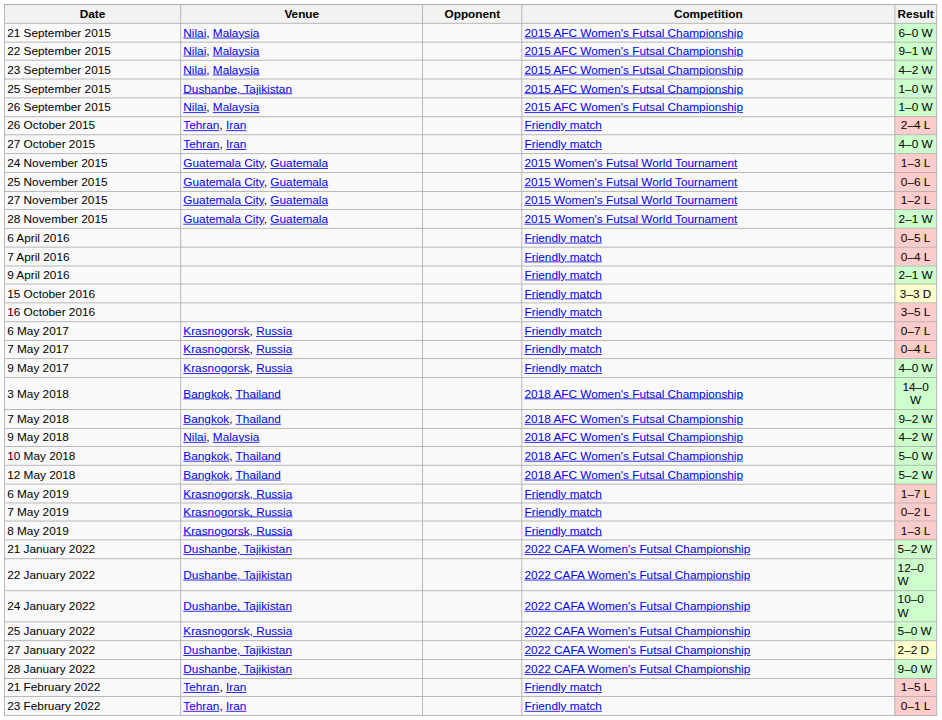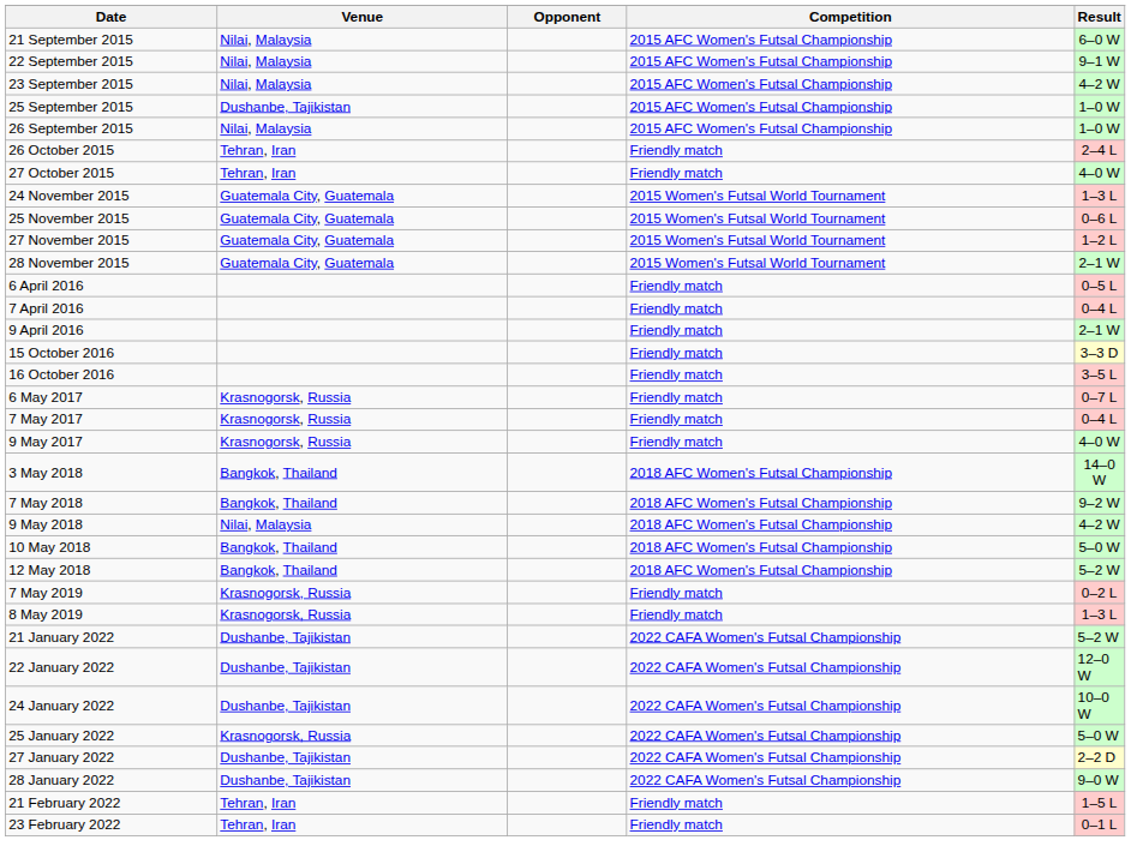 <table class="wikitable" style="font-size:90%; width:90%;">
 <tr>
 </tr>
 <tr>
 <th>Date</th>
 <th>Venue</th>
 <th>Opponent</th>
 <th>Competition</th>
 <th>Result</th>
 </tr>
 <tr>
 <td>21 September 2015</td>
 <td> <a href='#'>Nilai</a>, <a href='#'>Malaysia</a></td>
 <td></td>
 <td><a href='#'>2015 AFC Women's Futsal Championship</a></td>
 <td style="background:#CCFFCC; width:10px; text-align:center;">6–0 W</td>
 </tr>
 <tr>
 <td>22 September 2015</td>
 <td> <a href='#'>Nilai</a>, <a href='#'>Malaysia</a></td>
 <td></td>
 <td><a href='#'>2015 AFC Women's Futsal Championship</a></td>
 <td style="background:#CCFFCC; width:10px; text-align:center;">9–1 W</td>
 </tr>
 <tr>
 <td>23 September 2015</td>
 <td> <a href='#'>Nilai</a>, <a href='#'>Malaysia</a></td>
 <td></td>
 <td><a href='#'>2015 AFC Women's Futsal Championship</a></td>
 <td style="background:#CCFFCC; width:10px; text-align:center;">4–2 W</td>
 </tr>
 <tr>
 <td>25 September 2015</td>
 <td> <a href='#'>Dushanbe, Tajikistan</a></td>
 <td></td>
 <td><a href='#'>2015 AFC Women's Futsal Championship</a></td>
 <td style="background:#CCFFCC; width:10px; text-align:center;">1–0 W</td>
 </tr>
 <tr>
 <td>26 September 2015</td>
 <td> <a href='#'>Nilai</a>, <a href='#'>Malaysia</a></td>
 <td></td>
 <td><a href='#'>2015 AFC Women's Futsal Championship</a></td>
 <td style="background:#CCFFCC; width:10px; text-align:center;">1–0 W</td>
 </tr>
 <tr>
 <td>26 October 2015</td>
 <td> <a href='#'>Tehran</a>, <a href='#'>Iran</a></td>
 <td></td>
 <td><a href='#'>Friendly match</a></td>
 <td style="background:#FFCCCC; width:10px; text-align:center;">2–4 L</td>
 </tr>
 <tr>
 <td>27 October 2015</td>
 <td> <a href='#'>Tehran</a>, <a href='#'>Iran</a></td>
 <td></td>
 <td><a href='#'>Friendly match</a></td>
 <td style="background:#CCFFCC; width:10px; text-align:center;">4–0 W</td>
 </tr>
 <tr>
 <td>24 November 2015</td>
 <td> <a href='#'>Guatemala City</a>, <a href='#'>Guatemala</a></td>
 <td></td>
 <td><a href='#'>2015 Women's Futsal World Tournament</a></td>
 <td style="background:#FFCCCC; width:10px; text-align:center;">1–3 L</td>
 </tr>
 <tr>
 <td>25 November 2015</td>
 <td> <a href='#'>Guatemala City</a>, <a href='#'>Guatemala</a></td>
 <td></td>
 <td><a href='#'>2015 Women's Futsal World Tournament</a></td>
 <td style="background:#FFCCCC; width:10px; text-align:center;">0–6 L</td>
 </tr>
 <tr>
 <td>27 November 2015</td>
 <td> <a href='#'>Guatemala City</a>, <a href='#'>Guatemala</a></td>
 <td></td>
 <td><a href='#'>2015 Women's Futsal World Tournament</a></td>
 <td style="background:#FFCCCC; width:10px; text-align:center;">1–2 L</td>
 </tr>
 <tr>
 <td>28 November 2015</td>
 <td> <a href='#'>Guatemala City</a>, <a href='#'>Guatemala</a></td>
 <td></td>
 <td><a href='#'>2015 Women's Futsal World Tournament</a></td>
 <td style="background:#CCFFCC; width:10px; text-align:center;">2–1 W</td>
 </tr>
 <tr>
 <td>6 April 2016</td>
 <td></td>
 <td></td>
 <td><a href='#'>Friendly match</a></td>
 <td style="background:#FFCCCC; width:10px; text-align:center;">0–5 L</td>
 </tr>
 <tr>
 <td>7 April 2016</td>
 <td></td>
 <td></td>
 <td><a href='#'>Friendly match</a></td>
 <td style="background:#FFCCCC; width:10px; text-align:center;">0–4 L</td>
 </tr>
 <tr>
 <td>9 April 2016</td>
 <td></td>
 <td></td>
 <td><a href='#'>Friendly match</a></td>
 <td style="background:#CCFFCC; width:10px; text-align:center;">2–1 W</td>
 </tr>
 <tr>
 <td>15 October 2016</td>
 <td></td>
 <td></td>
 <td><a href='#'>Friendly match</a></td>
 <td style="background:#FFFFCC; width:10px; text-align:center;">3–3 D</td>
 </tr>
 <tr>
 <td>16 October 2016</td>
 <td></td>
 <td></td>
 <td><a href='#'>Friendly match</a></td>
 <td style="background:#FFCCCC; width:10px; text-align:center;">3–5 L</td>
 </tr>
 <tr>
 <td>6 May 2017</td>
 <td> <a href='#'>Krasnogorsk</a>, <a href='#'>Russia</a></td>
 <td></td>
 <td><a href='#'>Friendly match</a></td>
 <td style="background:#FFCCCC; width:10px; text-align:center;">0–7 L</td>
 </tr>
 <tr>
 <td>7 May 2017</td>
 <td> <a href='#'>Krasnogorsk</a>, <a href='#'>Russia</a></td>
 <td></td>
 <td><a href='#'>Friendly match</a></td>
 <td style="background:#FFCCCC; width:10px; text-align:center;">0–4 L</td>
 </tr>
 <tr>
 <td>9 May 2017</td>
 <td> <a href='#'>Krasnogorsk</a>, <a href='#'>Russia</a></td>
 <td></td>
 <td><a href='#'>Friendly match</a></td>
 <td style="background:#CCFFCC; width:10px; text-align:center;">4–0 W</td>
 </tr>
 <tr>
 <td>3 May 2018</td>
 <td> <a href='#'>Bangkok</a>, <a href='#'>Thailand</a></td>
 <td></td>
 <td><a href='#'>2018 AFC Women's Futsal Championship</a></td>
 <td style="background:#CCFFCC; width:10px; text-align:center;">14–0 W</td>
 </tr>
 <tr>
 <td>7 May 2018</td>
 <td> <a href='#'>Bangkok</a>, <a href='#'>Thailand</a></td>
 <td></td>
 <td><a href='#'>2018 AFC Women's Futsal Championship</a></td>
 <td style="background:#CCFFCC; width:10px; text-align:center;">9–2 W</td>
 </tr>
 <tr>
 <td>9 May 2018</td>
 <td> <a href='#'>Nilai</a>, <a href='#'>Malaysia</a></td>
 <td></td>
 <td><a href='#'>2018 AFC Women's Futsal Championship</a></td>
 <td style="background:#CCFFCC; width:10px; text-align:center;">4–2 W</td>
 </tr>
 <tr>
 <td>10 May 2018</td>
 <td> <a href='#'>Bangkok</a>, <a href='#'>Thailand</a></td>
 <td></td>
 <td><a href='#'>2018 AFC Women's Futsal Championship</a></td>
 <td style="background:#CCFFCC; width:10px; text-align:center;">5–0 W</td>
 </tr>
 <tr>
 <td>12 May 2018</td>
 <td> <a href='#'>Bangkok</a>, <a href='#'>Thailand</a></td>
 <td></td>
 <td><a href='#'>2018 AFC Women's Futsal Championship</a></td>
 <td style="background:#CCFFCC; width:10px; text-align:center;">5–2 W</td>
 </tr>
 <tr>
-<td>6 May 2019</td>
-<td> <a href='#'>Krasnogorsk, Russia</a></td>
-<td></td>
-<td><a href='#'>Friendly match</a></td>
-<td style="background:#FFCCCC; width:10px; text-align:center;">1–7 L</td>
-</tr>
-<tr>
 <td>7 May 2019</td>
 <td> <a href='#'>Krasnogorsk, Russia</a></td>
 <td></td>
 <td><a href='#'>Friendly match</a></td>
 <td style="background:#FFCCCC; width:10px; text-align:center;">0–2 L</td>
 </tr>
 <tr>
 <td>8 May 2019</td>
 <td> <a href='#'>Krasnogorsk, Russia</a></td>
 <td></td>
 <td><a href='#'>Friendly match</a></td>
 <td style="background:#FFCCCC; width:10px; text-align:center;">1–3 L</td>
 </tr>
 <tr>
 <td>21 January 2022</td>
 <td> <a href='#'>Dushanbe, Tajikistan</a></td>
 <td></td>
 <td><a href='#'>2022 CAFA Women's Futsal Championship</a></td>
 <td style="background:#CCFFCC;">5–2 W</td>
 </tr>
 <tr>
 <td>22 January 2022</td>
 <td> <a href='#'>Dushanbe, Tajikistan</a></td>
 <td></td>
 <td><a href='#'>2022 CAFA Women's Futsal Championship</a></td>
 <td style="background:#CCFFCC;">12–0 W</td>
 </tr>
 <tr>
 <td>24 January 2022</td>
 <td> <a href='#'>Dushanbe, Tajikistan</a></td>
 <td></td>
 <td><a href='#'>2022 CAFA Women's Futsal Championship</a></td>
 <td style="background:#CCFFCC;">10–0 W</td>
 </tr>
 <tr>
 <td>25 January 2022</td>
 <td> <a href='#'>Krasnogorsk, Russia</a></td>
 <td></td>
 <td><a href='#'>2022 CAFA Women's Futsal Championship</a></td>
 <td style="background:#CCFFCC;">5–0 W</td>
 </tr>
 <tr>
 <td>27 January 2022</td>
 <td> <a href='#'>Dushanbe, Tajikistan</a></td>
 <td></td>
 <td><a href='#'>2022 CAFA Women's Futsal Championship</a></td>
 <td style="background:#FFFFCC;">2–2 D</td>
 </tr>
 <tr>
 <td>28 January 2022</td>
 <td> <a href='#'>Dushanbe, Tajikistan</a></td>
 <td></td>
 <td><a href='#'>2022 CAFA Women's Futsal Championship</a></td>
 <td style="background:#CCFFCC;">9–0 W</td>
 </tr>
 <tr>
 <td>21 February 2022</td>
 <td> <a href='#'>Tehran</a>, <a href='#'>Iran</a></td>
 <td></td>
 <td><a href='#'>Friendly match</a></td>
 <td style="background:#FFCCCC; width:10px; text-align:center;">1–5 L</td>
 </tr>
 <tr>
 <td>23 February 2022</td>
 <td> <a href='#'>Tehran</a>, <a href='#'>Iran</a></td>
 <td></td>
 <td><a href='#'>Friendly match</a></td>
 <td style="background:#FFCCCC; width:10px; text-align:center;">0–1 L</td>
 </tr>
 </table>
